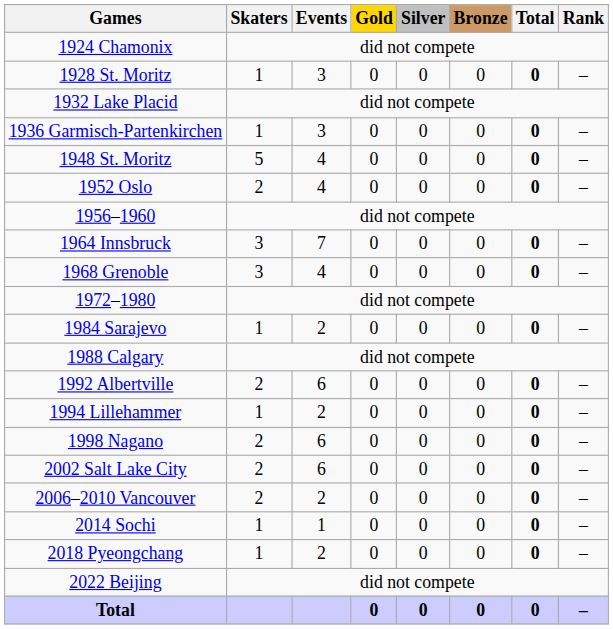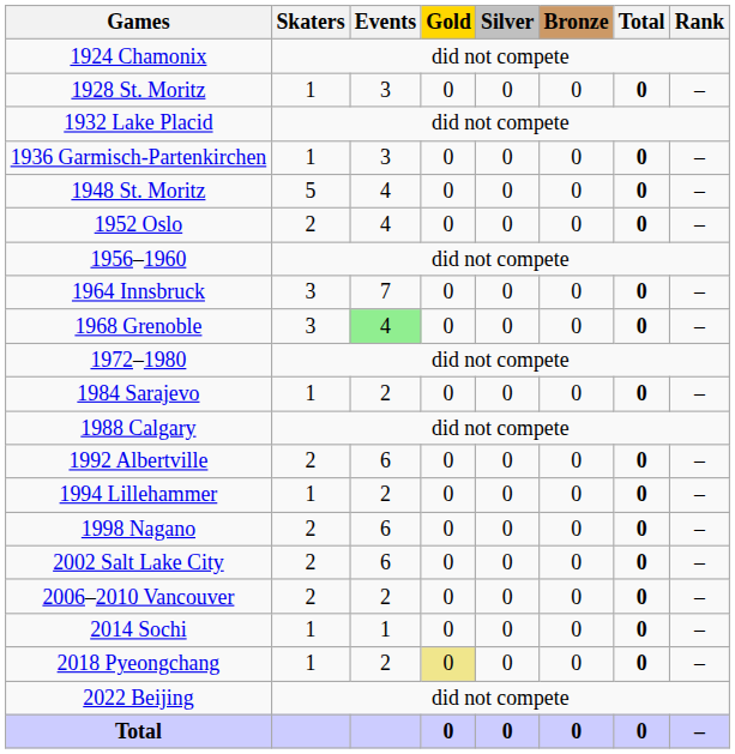 <table class="wikitable sortable collapsible collapsed">
 <tr>
 <th>Games</th>
 <th>Skaters</th>
 <th>Events</th>
 <th style="text-align:center; background-color:gold;">Gold</th>
 <th style="text-align:center; background-color:silver;">Silver</th>
 <th style="text-align:center; background-color:#c96;">Bronze</th>
 <th>Total</th>
 <th>Rank</th>
 </tr>
 <tr align=center>
 <td><a href='#'>1924 Chamonix</a></td>
 <td colspan=7>did not compete</td>
 </tr>
 <tr align=center>
 <td><a href='#'>1928 St. Moritz</a></td>
 <td>1</td>
 <td>3</td>
 <td>0</td>
 <td>0</td>
 <td>0</td>
 <td><strong>0</strong></td>
 <td>–</td>
 </tr>
 <tr align=center>
 <td><a href='#'>1932 Lake Placid</a></td>
 <td colspan=7>did not compete</td>
 </tr>
 <tr align=center>
 <td><a href='#'>1936 Garmisch-Partenkirchen</a></td>
 <td>1</td>
 <td>3</td>
 <td>0</td>
 <td>0</td>
 <td>0</td>
 <td><strong>0</strong></td>
 <td>–</td>
 </tr>
 <tr align=center>
 <td><a href='#'>1948 St. Moritz</a></td>
 <td>5</td>
 <td>4</td>
 <td>0</td>
 <td>0</td>
 <td>0</td>
 <td><strong>0</strong></td>
 <td>–</td>
 </tr>
 <tr align=center>
 <td><a href='#'>1952 Oslo</a></td>
 <td>2</td>
 <td>4</td>
 <td>0</td>
 <td>0</td>
 <td>0</td>
 <td><strong>0</strong></td>
 <td>–</td>
 </tr>
 <tr align=center>
 <td><a href='#'>1956</a>–<a href='#'>1960</a></td>
 <td colspan=7>did not compete</td>
 </tr>
 <tr align=center>
 <td><a href='#'>1964 Innsbruck</a></td>
 <td>3</td>
 <td>7</td>
 <td>0</td>
 <td>0</td>
 <td>0</td>
 <td><strong>0</strong></td>
 <td>–</td>
 </tr>
 <tr align=center>
 <td><a href='#'>1968 Grenoble</a></td>
 <td>3</td>
-<td>4</td>
+<td style="background: lightgreen;">4</td>
 <td>0</td>
 <td>0</td>
 <td>0</td>
 <td><strong>0</strong></td>
 <td>–</td>
 </tr>
 <tr align=center>
 <td><a href='#'>1972</a>–<a href='#'>1980</a></td>
 <td colspan=7>did not compete</td>
 </tr>
 <tr align=center>
 <td><a href='#'>1984 Sarajevo</a></td>
 <td>1</td>
 <td>2</td>
 <td>0</td>
 <td>0</td>
 <td>0</td>
 <td><strong>0</strong></td>
 <td>–</td>
 </tr>
 <tr align=center>
 <td><a href='#'>1988 Calgary</a></td>
 <td colspan=7>did not compete</td>
 </tr>
 <tr align=center>
 <td><a href='#'>1992 Albertville</a></td>
 <td>2</td>
 <td>6</td>
 <td>0</td>
 <td>0</td>
 <td>0</td>
 <td><strong>0</strong></td>
 <td>–</td>
 </tr>
 <tr align=center>
 <td><a href='#'>1994 Lillehammer</a></td>
 <td>1</td>
 <td>2</td>
 <td>0</td>
 <td>0</td>
 <td>0</td>
 <td><strong>0</strong></td>
 <td>–</td>
 </tr>
 <tr align=center>
 <td><a href='#'>1998 Nagano</a></td>
 <td>2</td>
 <td>6</td>
 <td>0</td>
 <td>0</td>
 <td>0</td>
 <td><strong>0</strong></td>
 <td>–</td>
 </tr>
 <tr align=center>
 <td><a href='#'>2002 Salt Lake City</a></td>
 <td>2</td>
 <td>6</td>
 <td>0</td>
 <td>0</td>
 <td>0</td>
 <td><strong>0</strong></td>
 <td>–</td>
 </tr>
 <tr align=center>
 <td><a href='#'>2006</a>–<a href='#'>2010 Vancouver</a></td>
 <td>2</td>
 <td>2</td>
 <td>0</td>
 <td>0</td>
 <td>0</td>
 <td><strong>0</strong></td>
 <td>–</td>
 </tr>
 <tr align=center>
 <td><a href='#'>2014 Sochi</a></td>
 <td>1</td>
 <td>1</td>
 <td>0</td>
 <td>0</td>
 <td>0</td>
 <td><strong>0</strong></td>
 <td>–</td>
 </tr>
 <tr align=center>
 <td><a href='#'>2018 Pyeongchang</a></td>
 <td>1</td>
 <td>2</td>
-<td>0</td>
+<td style="background: khaki;">0</td>
 <td>0</td>
 <td>0</td>
 <td><strong>0</strong></td>
 <td>–</td>
 </tr>
 <tr align=center>
 <td><a href='#'>2022 Beijing</a></td>
 <td colspan=7>did not compete</td>
 </tr>
 <tr style="text-align:center; background-color:#ccf;">
 <td><strong>Total</strong></td>
 <td></td>
 <td></td>
 <td><strong>0</strong></td>
 <td><strong>0</strong></td>
 <td><strong>0</strong></td>
 <td><strong>0</strong></td>
 <td><strong>–</strong></td>
 </tr>
 </table>
